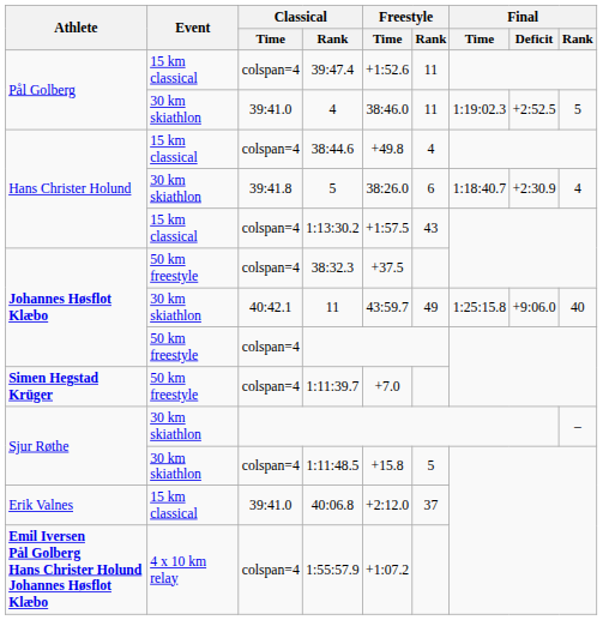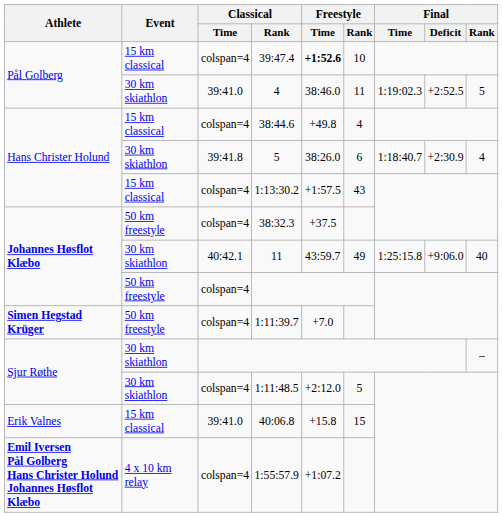 <table class=wikitable style="font-size:90%; text-align:center">
 <tr>
 <th rowspan=2>Athlete</th>
 <th rowspan=2>Event</th>
 <th colspan=2>Classical</th>
 <th colspan=2>Freestyle</th>
 <th colspan=3>Final</th>
 </tr>
 <tr style="font-size: 95%">
 <th>Time</th>
 <th>Rank</th>
 <th>Time</th>
 <th>Rank</th>
 <th>Time</th>
 <th>Deficit</th>
 <th>Rank</th>
 </tr>
 <tr>
 <td align=left rowspan=2><a href='#'>Pål Golberg</a></td>
 <td align=left><a href='#'>15 km classical</a></td>
 <td>colspan=4</td>
 <td>39:47.4</td>
-<td>+1:52.6</td>
-<td>11</td>
+<td><strong>+1:52.6</strong></td>
+<td>10</td>
 </tr>
 <tr>
 <td align=left><a href='#'>30 km skiathlon</a></td>
 <td>39:41.0</td>
 <td>4</td>
 <td>38:46.0</td>
 <td>11</td>
 <td>1:19:02.3</td>
 <td>+2:52.5</td>
 <td>5</td>
 </tr>
 <tr>
 <td align=left rowspan=3><a href='#'>Hans Christer Holund</a></td>
 <td align=left><a href='#'>15 km classical</a></td>
 <td>colspan=4</td>
 <td>38:44.6</td>
 <td>+49.8</td>
 <td>4</td>
 </tr>
 <tr>
 <td align=left><a href='#'>30 km skiathlon</a></td>
 <td>39:41.8</td>
 <td>5</td>
 <td>38:26.0</td>
 <td>6</td>
 <td>1:18:40.7</td>
 <td>+2:30.9</td>
 <td>4</td>
 </tr>
 <tr align=center>
 <td align=left><a href='#'>15 km classical</a></td>
 <td>colspan=4</td>
 <td>1:13:30.2</td>
 <td>+1:57.5</td>
 <td>43</td>
 </tr>
 <tr>
 <td align=left rowspan=3><strong><a href='#'>Johannes Høsflot Klæbo</a></strong></td>
 <td align=left><a href='#'>50 km freestyle</a></td>
 <td>colspan=4</td>
 <td>38:32.3</td>
 <td>+37.5</td>
 <td></td>
 </tr>
 <tr>
 <td align=left><a href='#'>30 km skiathlon</a></td>
 <td>40:42.1</td>
 <td>11</td>
 <td>43:59.7</td>
 <td>49</td>
 <td>1:25:15.8</td>
 <td>+9:06.0</td>
 <td>40</td>
 </tr>
 <tr align=center>
 <td align=left><a href='#'>50 km freestyle</a></td>
 <td>colspan=4</td>
 <td colspan=3></td>
 </tr>
 <tr align=center>
 <td align=left><strong><a href='#'>Simen Hegstad Krüger</a></strong></td>
 <td align=left><a href='#'>50 km freestyle</a></td>
 <td>colspan=4</td>
 <td>1:11:39.7</td>
 <td>+7.0</td>
 <td></td>
 </tr>
 <tr>
 <td align=left rowspan=2><a href='#'>Sjur Røthe</a></td>
 <td align=left><a href='#'>30 km skiathlon</a></td>
 <td colspan=6></td>
 <td>–</td>
 </tr>
 <tr align=center>
 <td align=left><a href='#'>30 km skiathlon</a></td>
 <td>colspan=4</td>
 <td>1:11:48.5</td>
-<td>+15.8</td>
+<td>+2:12.0</td>
 <td>5</td>
 </tr>
 <tr>
 <td align=left><a href='#'>Erik Valnes</a></td>
 <td align=left><a href='#'>15 km classical</a></td>
 <td>39:41.0</td>
 <td>40:06.8</td>
-<td>+2:12.0</td>
-<td>37</td>
+<td>+15.8</td>
+<td>15</td>
 </tr>
 <tr>
 <td align=left><strong><a href='#'>Emil Iversen</a><br><a href='#'>Pål Golberg</a><br><a href='#'>Hans Christer Holund</a><br><a href='#'>Johannes Høsflot Klæbo</a></strong></td>
 <td align=left><a href='#'>4 x 10 km relay</a></td>
 <td>colspan=4</td>
 <td>1:55:57.9</td>
 <td>+1:07.2</td>
 <td></td>
 </tr>
 </table>
